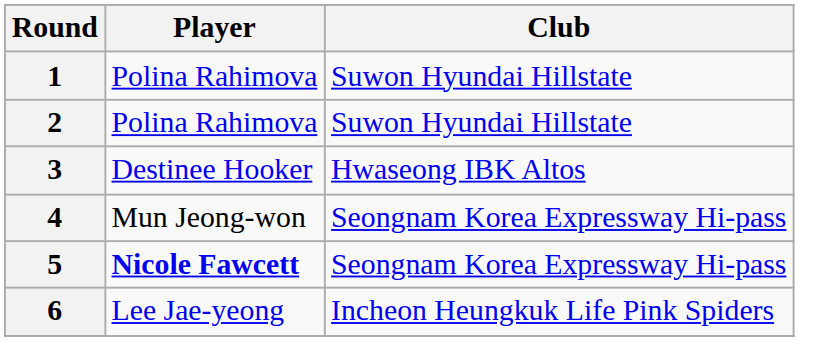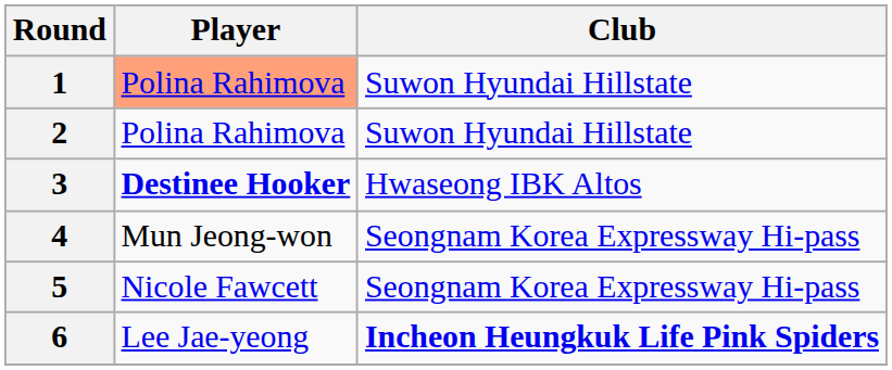 <table class=wikitable>
 <tr>
 <th>Round</th>
 <th>Player</th>
 <th>Club</th>
 </tr>
 <tr>
 <th>1</th>
-<td> <a href='#'>Polina Rahimova</a></td>
+<td style="background: lightsalmon;"> <a href='#'>Polina Rahimova</a></td>
 <td><a href='#'>Suwon Hyundai Hillstate</a></td>
 </tr>
 <tr>
 <th>2</th>
 <td> <a href='#'>Polina Rahimova</a></td>
 <td><a href='#'>Suwon Hyundai Hillstate</a></td>
 </tr>
 <tr>
 <th>3</th>
-<td> <a href='#'>Destinee Hooker</a></td>
+<td><strong> <a href='#'>Destinee Hooker</a></strong></td>
 <td><a href='#'>Hwaseong IBK Altos</a></td>
 </tr>
 <tr>
 <th>4</th>
 <td> Mun Jeong-won</td>
 <td><a href='#'>Seongnam Korea Expressway Hi-pass</a></td>
 </tr>
 <tr>
 <th>5</th>
-<td><strong> <a href='#'>Nicole Fawcett</a></strong></td>
+<td> <a href='#'>Nicole Fawcett</a></td>
 <td><a href='#'>Seongnam Korea Expressway Hi-pass</a></td>
 </tr>
 <tr>
 <th>6</th>
 <td> <a href='#'>Lee Jae-yeong</a></td>
-<td><a href='#'>Incheon Heungkuk Life Pink Spiders</a></td>
+<td><strong><a href='#'>Incheon Heungkuk Life Pink Spiders</a></strong></td>
 </tr>
 <tr>
 </tr>
 </table>
